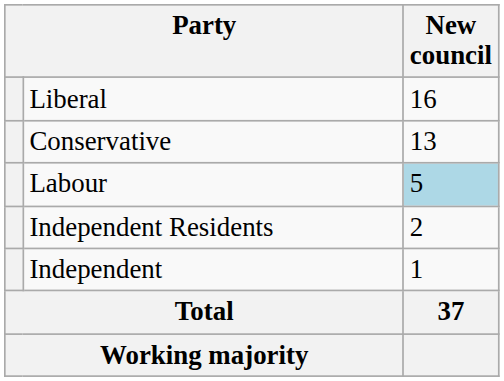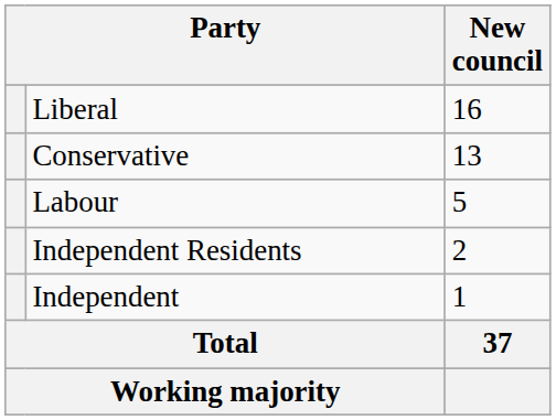 <table class="wikitable">
 <tr>
 <th valign=top colspan="2" style="width: 230px">Party</th>
 <th valign=top style="width: 30px">New council</th>
 </tr>
 <tr>
 <th style="background-color: "></th>
 <td>Liberal</td>
 <td>16</td>
 </tr>
 <tr>
 <th style="background-color: "></th>
 <td>Conservative</td>
 <td>13</td>
 </tr>
 <tr>
 <th style="background-color: "></th>
 <td>Labour</td>
-<td style="background: lightblue;">5</td>
+<td>5</td>
 </tr>
 <tr>
 <th style="background-color: "></th>
 <td>Independent Residents</td>
 <td>2</td>
 </tr>
 <tr>
 <th style="background-color: "></th>
 <td>Independent</td>
 <td>1</td>
 </tr>
 <tr>
 <th colspan=2>Total</th>
 <th style="text-align: center">37</th>
 </tr>
 <tr>
 <th colspan=2>Working majority</th>
 <th></th>
 </tr>
 </table>
